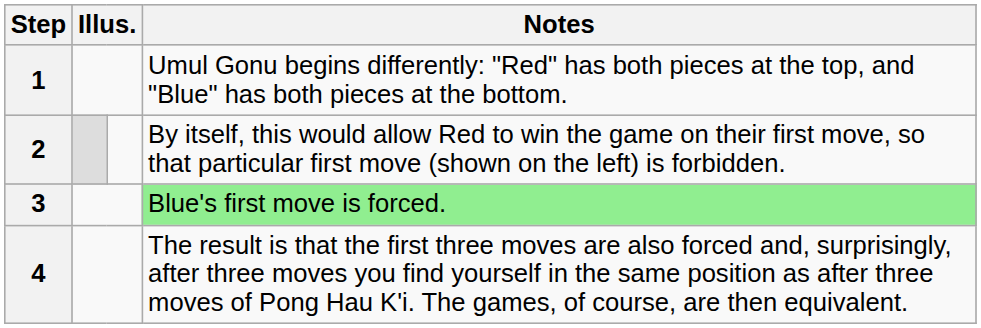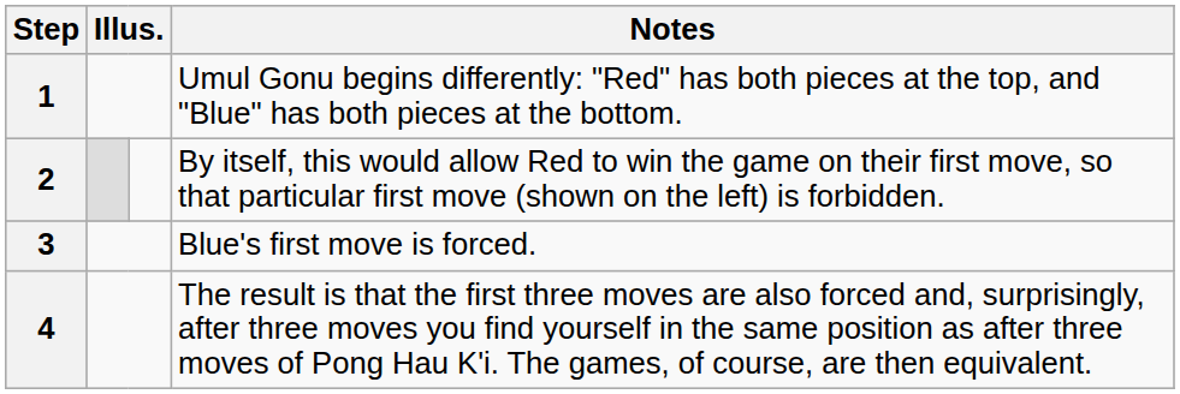 <table class="wikitable" style="font-size:100%;text-align:left;">
 <tr>
 <th>Step</th>
 <th colspan=2>Illus.</th>
 <th>Notes</th>
 </tr>
 <tr>
 <th>1</th>
 <td colspan=2></td>
 <td>Umul Gonu begins differently: "Red" has both pieces at the top, and "Blue" has both pieces at the bottom.</td>
 </tr>
 <tr>
 <th>2</th>
 <td style="background:#ddd;"></td>
 <td></td>
 <td>By itself, this would allow Red to win the game on their first move, so that particular first move (shown on the left) is forbidden.</td>
 </tr>
 <tr>
 <th>3</th>
 <td colspan=2 style="text-align:center;"></td>
-<td style="background: lightgreen;">Blue's first move is forced.</td>
+<td>Blue's first move is forced.</td>
 </tr>
 <tr>
 <th>4</th>
 <td colspan=2 style="text-align:center;"></td>
 <td>The result is that the first three moves are also forced and, surprisingly, after three moves you find yourself in the same position as after three moves of Pong Hau K'i. The games, of course, are then equivalent.</td>
 </tr>
 </table>
